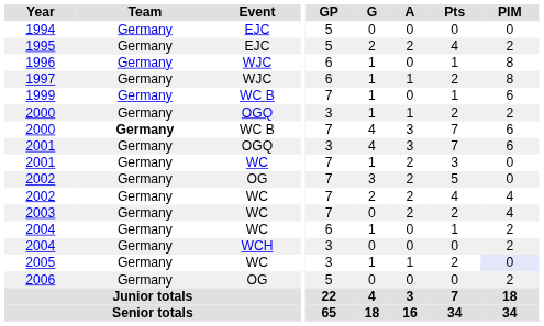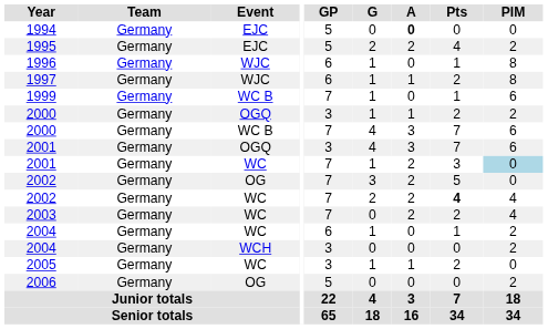 <table border="0" cellpadding="1" cellspacing="0" ID="Table3" style="text-align:center; width:40em">
 <tr ALIGN="center" bgcolor="#e0e0e0">
 <th>Year</th>
 <th>Team</th>
 <th>Event</th>
 <th rowspan="99" bgcolor="#ffffff"></th>
 <th>GP</th>
 <th>G</th>
 <th>A</th>
 <th>Pts</th>
 <th>PIM</th>
 </tr>
 <tr>
 <td><a href='#'>1994</a></td>
 <td><a href='#'>Germany</a></td>
 <td><a href='#'>EJC</a></td>
 <td>5</td>
 <td>0</td>
-<td>0</td>
+<td><strong>0</strong></td>
 <td>0</td>
 <td>0</td>
 </tr>
 <tr bgcolor="#f0f0f0">
 <td><a href='#'>1995</a></td>
 <td>Germany</td>
 <td>EJC</td>
 <td>5</td>
 <td>2</td>
 <td>2</td>
 <td>4</td>
 <td>2</td>
 </tr>
 <tr>
 <td><a href='#'>1996</a></td>
 <td><a href='#'>Germany</a></td>
 <td><a href='#'>WJC</a></td>
 <td>6</td>
 <td>1</td>
 <td>0</td>
 <td>1</td>
 <td>8</td>
 </tr>
 <tr bgcolor="#f0f0f0">
 <td><a href='#'>1997</a></td>
 <td>Germany</td>
 <td>WJC</td>
 <td>6</td>
 <td>1</td>
 <td>1</td>
 <td>2</td>
 <td>8</td>
 </tr>
 <tr>
 <td><a href='#'>1999</a></td>
 <td><a href='#'>Germany</a></td>
 <td><a href='#'>WC B</a></td>
 <td>7</td>
 <td>1</td>
 <td>0</td>
 <td>1</td>
 <td>6</td>
 </tr>
 <tr bgcolor="#f0f0f0">
 <td><a href='#'>2000</a></td>
 <td>Germany</td>
 <td><a href='#'>OGQ</a></td>
 <td>3</td>
 <td>1</td>
 <td>1</td>
 <td>2</td>
 <td>2</td>
 </tr>
 <tr>
 <td><a href='#'>2000</a></td>
-<td><strong>Germany</strong></td>
+<td>Germany</td>
 <td>WC B</td>
 <td>7</td>
 <td>4</td>
 <td>3</td>
 <td>7</td>
 <td>6</td>
 </tr>
 <tr bgcolor="#f0f0f0">
 <td><a href='#'>2001</a></td>
 <td>Germany</td>
 <td>OGQ</td>
 <td>3</td>
 <td>4</td>
 <td>3</td>
 <td>7</td>
 <td>6</td>
 </tr>
 <tr>
 <td><a href='#'>2001</a></td>
 <td>Germany</td>
 <td><a href='#'>WC</a></td>
 <td>7</td>
 <td>1</td>
 <td>2</td>
 <td>3</td>
-<td>0</td>
+<td style="background: lightblue;">0</td>
 </tr>
 <tr bgcolor="#f0f0f0">
 <td><a href='#'>2002</a></td>
 <td>Germany</td>
 <td>OG</td>
 <td>7</td>
 <td>3</td>
 <td>2</td>
 <td>5</td>
 <td>0</td>
 </tr>
 <tr>
 <td><a href='#'>2002</a></td>
 <td>Germany</td>
 <td>WC</td>
 <td>7</td>
 <td>2</td>
 <td>2</td>
-<td>4</td>
+<td><strong>4</strong></td>
 <td>4</td>
 </tr>
 <tr bgcolor="#f0f0f0">
 <td><a href='#'>2003</a></td>
 <td>Germany</td>
 <td>WC</td>
 <td>7</td>
 <td>0</td>
 <td>2</td>
 <td>2</td>
 <td>4</td>
 </tr>
 <tr>
 <td><a href='#'>2004</a></td>
 <td>Germany</td>
 <td>WC</td>
 <td>6</td>
 <td>1</td>
 <td>0</td>
 <td>1</td>
 <td>2</td>
 </tr>
 <tr bgcolor="#f0f0f0">
 <td><a href='#'>2004</a></td>
 <td>Germany</td>
 <td><a href='#'>WCH</a></td>
 <td>3</td>
 <td>0</td>
 <td>0</td>
 <td>0</td>
 <td>2</td>
 </tr>
 <tr>
 <td><a href='#'>2005</a></td>
 <td>Germany</td>
 <td>WC</td>
 <td>3</td>
 <td>1</td>
 <td>1</td>
 <td>2</td>
-<td style="background: lavender;">0</td>
+<td>0</td>
 </tr>
 <tr bgcolor="#f0f0f0">
 <td><a href='#'>2006</a></td>
 <td>Germany</td>
 <td>OG</td>
 <td>5</td>
 <td>0</td>
 <td>0</td>
 <td>0</td>
 <td>2</td>
 </tr>
 <tr style="background: #e0e0e0;">
 <th colspan="3">Junior totals</th>
 <th>22</th>
 <th>4</th>
 <th>3</th>
 <th>7</th>
 <th>18</th>
 </tr>
 <tr style="background: #e0e0e0;">
 <th colspan="3">Senior totals</th>
 <th>65</th>
 <th>18</th>
 <th>16</th>
 <th>34</th>
 <th>34</th>
 </tr>
 </table>
